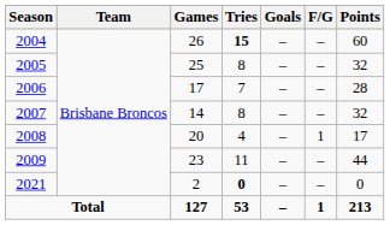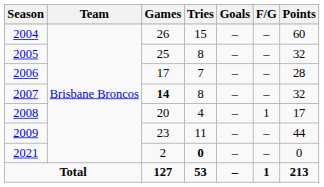 <table class="wikitable" style="text-align:center;">
 <tr style="background:#bdb76b;">
 <th>Season</th>
 <th>Team</th>
 <th>Games</th>
 <th>Tries</th>
 <th>Goals</th>
 <th>F/G</th>
 <th>Points</th>
 </tr>
 <tr>
 <td><a href='#'>2004</a></td>
 <td rowspan="7"> <a href='#'>Brisbane Broncos</a></td>
 <td>26</td>
-<td><strong>15</strong></td>
+<td>15</td>
 <td>–</td>
 <td>–</td>
 <td>60</td>
 </tr>
 <tr>
 <td><a href='#'>2005</a></td>
 <td>25</td>
 <td>8</td>
 <td>–</td>
 <td>–</td>
 <td>32</td>
 </tr>
 <tr>
 <td><a href='#'>2006</a></td>
 <td>17</td>
 <td>7</td>
 <td>–</td>
 <td>–</td>
 <td>28</td>
 </tr>
 <tr>
 <td><a href='#'>2007</a></td>
-<td>14</td>
+<td><strong>14</strong></td>
 <td>8</td>
 <td>–</td>
 <td>–</td>
 <td>32</td>
 </tr>
 <tr>
 <td><a href='#'>2008</a></td>
 <td>20</td>
 <td>4</td>
 <td>–</td>
 <td>1</td>
 <td>17</td>
 </tr>
 <tr>
 <td><a href='#'>2009</a></td>
 <td>23</td>
 <td>11</td>
 <td>–</td>
 <td>–</td>
 <td>44</td>
 </tr>
 <tr>
 <td><a href='#'>2021</a></td>
 <td>2</td>
 <td><strong>0</strong></td>
 <td>–</td>
 <td>–</td>
 <td>0</td>
 </tr>
 <tr>
 <td colspan="2"><strong>Total</strong></td>
 <td><strong>127</strong></td>
 <td><strong>53</strong></td>
 <td><strong>–</strong></td>
 <td><strong>1</strong></td>
 <td><strong>213</strong></td>
 </tr>
 </table>
